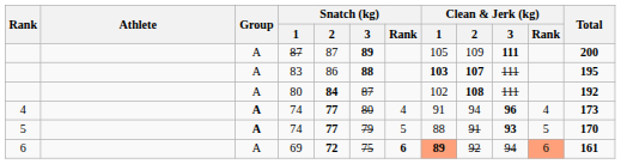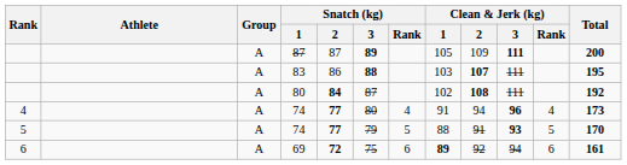 <table class = "wikitable" style="text-align:center;">
 <tr>
 <th rowspan=2 width=40>Rank</th>
 <th rowspan=2 width=250>Athlete</th>
 <th rowspan=2 width=50>Group</th>
 <th colspan=4>Snatch (kg)</th>
 <th colspan=4>Clean & Jerk (kg)</th>
 <th rowspan=2 width=60>Total</th>
 </tr>
 <tr>
 <th width=40>1</th>
 <th width=40>2</th>
 <th width=40>3</th>
 <th width=40>Rank</th>
 <th width=40>1</th>
 <th width=40>2</th>
 <th width=40>3</th>
 <th width=40>Rank</th>
 </tr>
 <tr>
 <td></td>
 <td align=left></td>
 <td>A</td>
 <td><s>87</s></td>
 <td>87</td>
 <td><strong>89</strong></td>
 <td></td>
 <td>105</td>
 <td>109</td>
 <td><strong>111</strong></td>
 <td></td>
 <td><strong>200</strong></td>
 </tr>
 <tr>
 <td></td>
 <td align=left></td>
 <td>A</td>
 <td>83</td>
 <td>86</td>
 <td><strong>88</strong></td>
 <td></td>
-<td><strong>103</strong></td>
+<td>103</td>
 <td><strong>107</strong></td>
 <td><s>111</s></td>
 <td></td>
 <td><strong>195</strong></td>
 </tr>
 <tr>
 <td></td>
 <td align=left></td>
 <td>A</td>
 <td>80</td>
 <td><strong>84</strong></td>
 <td><s>87</s></td>
 <td></td>
 <td>102</td>
 <td><strong>108</strong></td>
 <td><s>111</s></td>
 <td></td>
 <td><strong>192</strong></td>
 </tr>
 <tr>
 <td>4</td>
 <td align=left></td>
-<td><strong>A</strong></td>
+<td>A</td>
 <td>74</td>
 <td><strong>77</strong></td>
 <td><s>80</s></td>
 <td>4</td>
 <td>91</td>
 <td>94</td>
 <td><strong>96</strong></td>
 <td>4</td>
 <td><strong>173</strong></td>
 </tr>
 <tr>
 <td>5</td>
 <td align=left></td>
-<td><strong>A</strong></td>
+<td>A</td>
 <td>74</td>
 <td><strong>77</strong></td>
 <td><s>79</s></td>
 <td>5</td>
 <td>88</td>
 <td><s>91</s></td>
 <td><strong>93</strong></td>
 <td>5</td>
 <td><strong>170</strong></td>
 </tr>
 <tr>
 <td>6</td>
 <td align=left></td>
 <td>A</td>
 <td>69</td>
 <td><strong>72</strong></td>
 <td><s>75</s></td>
-<td><strong>6</strong></td>
-<td style="background: lightsalmon;"><strong>89</strong></td>
+<td>6</td>
+<td><strong>89</strong></td>
 <td><s>92</s></td>
 <td><s>94</s></td>
-<td style="background: lightsalmon;">6</td>
+<td>6</td>
 <td><strong>161</strong></td>
 </tr>
 </table>
